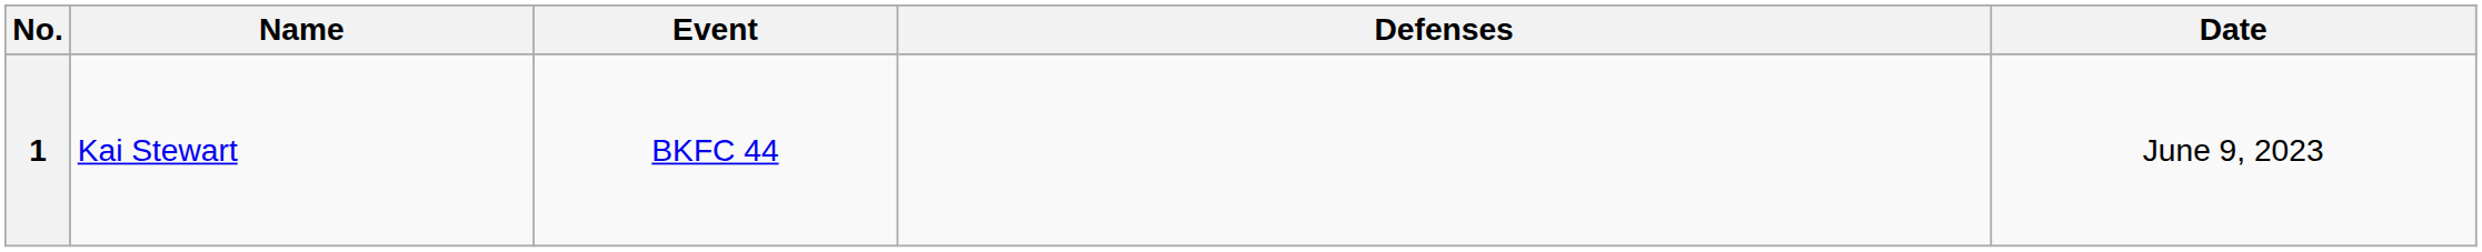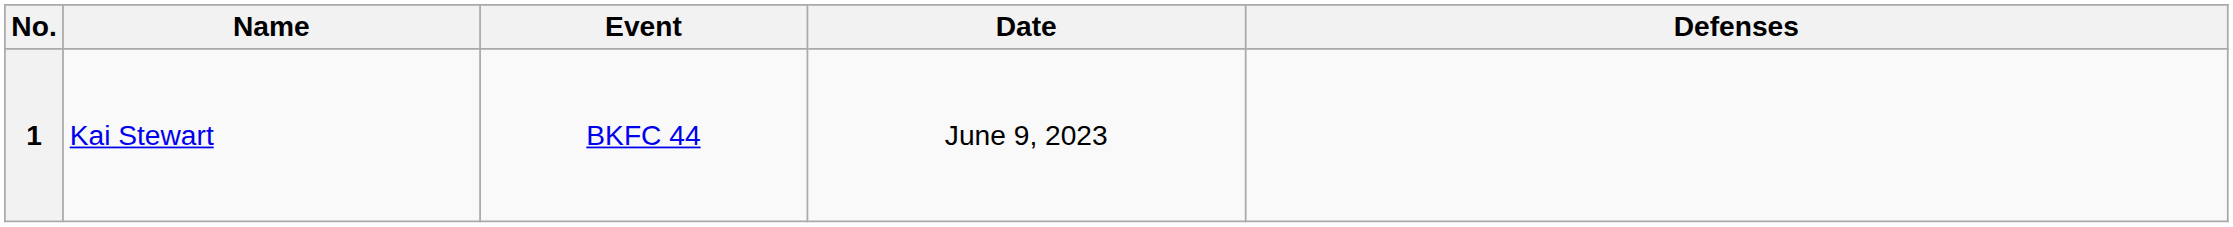 <table class="wikitable" width=100%>
 <tr>
 <th width=1%>No.</th>
 <th width=19%>Name</th>
 <th width=15%>Event</th>
+<th width=20%>Date</th>
 <th width=45%>Defenses</th>
-<th width=20%>Date</th>
 </tr>
 <tr>
 <th>1</th>
 <td align=left> <a href='#'>Kai Stewart</a> <br></td>
 <td align=center><a href='#'>BKFC 44</a><br></td>
+<td align=center>June 9, 2023</td>
 <td><br><br> <br> <br> <br></td>
-<td align=center>June 9, 2023</td>
 </tr>
 </table>
